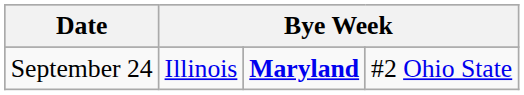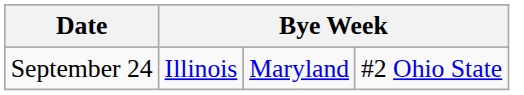 <table class="wikitable" style="font-size:95%;">
 <tr>
 <th>Date</th>
 <th colspan="3">Bye Week</th>
 </tr>
 <tr>
 <td>September 24</td>
 <td><a href='#'>Illinois</a></td>
-<td><strong><a href='#'>Maryland</a></strong></td>
+<td><a href='#'>Maryland</a></td>
 <td>#2 <a href='#'>Ohio State</a></td>
 </tr>
 </table>
